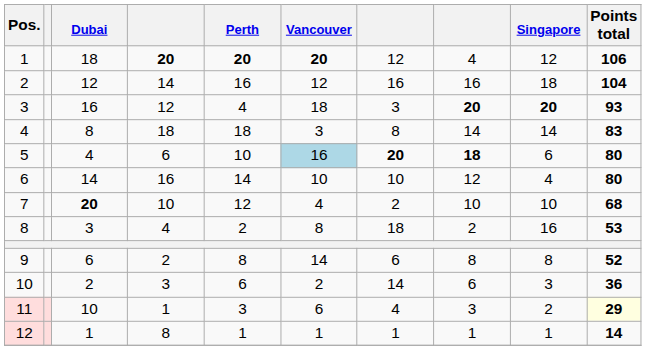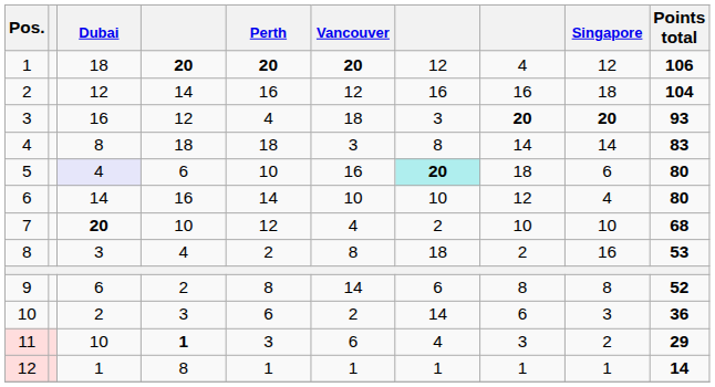 <table class="wikitable sortable" style="text-align:center;">
 <tr bgcolor="#efefef">
 <th style="width:2em;">Pos.</th>
 <th></th>
 <th style="width:5.2em;;font-size:85%;vertical-align:top;padding-left:4px;;padding-right:4px;;"><br><a href='#'>Dubai</a></th>
 <th style="width:5.2em;;font-size:85%;vertical-align:top;padding-left:4px;;padding-right:4px;;"><br></th>
 <th style="width:5.2em;;font-size:85%;vertical-align:top;padding-left:4px;;padding-right:4px;;"><br><a href='#'>Perth</a></th>
 <th style="width:5.2em;;font-size:85%;vertical-align:top;padding-left:4px;;padding-right:4px;;"><br><a href='#'>Vancouver</a></th>
 <th style="width:5.2em;;font-size:85%;vertical-align:top;padding-left:4px;;padding-right:4px;;"><br></th>
 <th style="width:5.2em;;font-size:85%;vertical-align:top;padding-left:4px;;padding-right:4px;;"><br></th>
 <th style="width:5.2em;;font-size:85%;vertical-align:top;padding-left:4px;;padding-right:4px;;"><br><a href='#'>Singapore</a></th>
 <th>Points<br>total</th>
 </tr>
 <tr>
 <td>1</td>
 <td align="left"></td>
 <td>18</td>
 <td><strong>20</strong></td>
 <td><strong>20</strong></td>
 <td><strong>20</strong></td>
 <td>12</td>
 <td>4</td>
 <td>12</td>
 <td><strong>106</strong></td>
 </tr>
 <tr>
 <td>2</td>
 <td align="left"></td>
 <td>12</td>
 <td>14</td>
 <td>16</td>
 <td>12</td>
 <td>16</td>
 <td>16</td>
 <td>18</td>
 <td><strong>104</strong></td>
 </tr>
 <tr>
 <td>3</td>
 <td align="left"></td>
 <td>16</td>
 <td>12</td>
 <td>4</td>
 <td>18</td>
 <td>3</td>
 <td><strong>20</strong></td>
 <td><strong>20</strong></td>
 <td><strong>93</strong></td>
 </tr>
 <tr>
 <td>4</td>
 <td align="left"></td>
 <td>8</td>
 <td>18</td>
 <td>18</td>
 <td>3</td>
 <td>8</td>
 <td>14</td>
 <td>14</td>
 <td><strong>83</strong></td>
 </tr>
 <tr>
 <td>5</td>
 <td align="left"></td>
-<td>4</td>
+<td style="background: lavender;">4</td>
 <td>6</td>
 <td>10</td>
-<td style="background: lightblue;">16</td>
-<td><strong>20</strong></td>
-<td><strong>18</strong></td>
+<td>16</td>
+<td style="background: paleturquoise;"><strong>20</strong></td>
+<td>18</td>
 <td>6</td>
 <td><strong>80</strong></td>
 </tr>
 <tr>
 <td>6</td>
 <td align="left"></td>
 <td>14</td>
 <td>16</td>
 <td>14</td>
 <td>10</td>
 <td>10</td>
 <td>12</td>
 <td>4</td>
 <td><strong>80</strong></td>
 </tr>
 <tr>
 <td>7</td>
 <td align="left"></td>
 <td><strong>20</strong></td>
 <td>10</td>
 <td>12</td>
 <td>4</td>
 <td>2</td>
 <td>10</td>
 <td>10</td>
 <td><strong>68</strong></td>
 </tr>
 <tr>
 <td>8</td>
 <td align="left"></td>
 <td>3</td>
 <td>4</td>
 <td>2</td>
 <td>8</td>
 <td>18</td>
 <td>2</td>
 <td>16</td>
 <td><strong>53</strong></td>
 </tr>
 <tr>
 <th colspan="10"></th>
 </tr>
 <tr>
 <td>9</td>
 <td align="left"></td>
 <td>6</td>
 <td>2</td>
 <td>8</td>
 <td>14</td>
 <td>6</td>
 <td>8</td>
 <td>8</td>
 <td><strong>52</strong></td>
 </tr>
 <tr>
 <td>10</td>
 <td align="left"></td>
 <td>2</td>
 <td>3</td>
 <td>6</td>
 <td>2</td>
 <td>14</td>
 <td>6</td>
 <td>3</td>
 <td><strong>36</strong></td>
 </tr>
 <tr>
 <td style="background:#fdd;">11</td>
 <td style="background:#fdd;" align=left></td>
 <td>10</td>
-<td>1</td>
+<td><strong>1</strong></td>
 <td>3</td>
 <td>6</td>
 <td>4</td>
 <td>3</td>
 <td>2</td>
-<td style="background: lightyellow;"><strong>29</strong></td>
+<td><strong>29</strong></td>
 </tr>
 <tr>
 <td style="background:#fdd;">12</td>
 <td style="background:#fdd;" align=left></td>
 <td>1</td>
 <td>8</td>
 <td>1</td>
 <td>1</td>
 <td>1</td>
 <td>1</td>
 <td>1</td>
 <td><strong>14</strong></td>
 </tr>
 <tr>
 </tr>
 </table>
